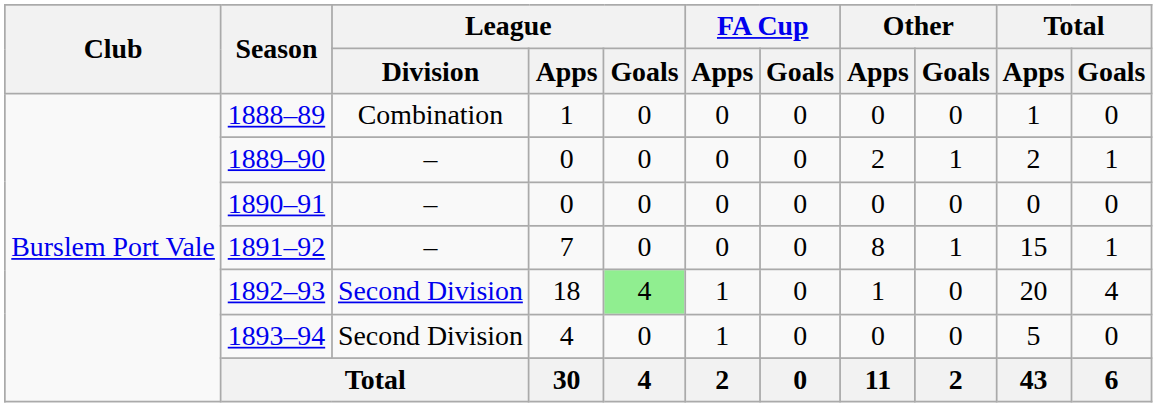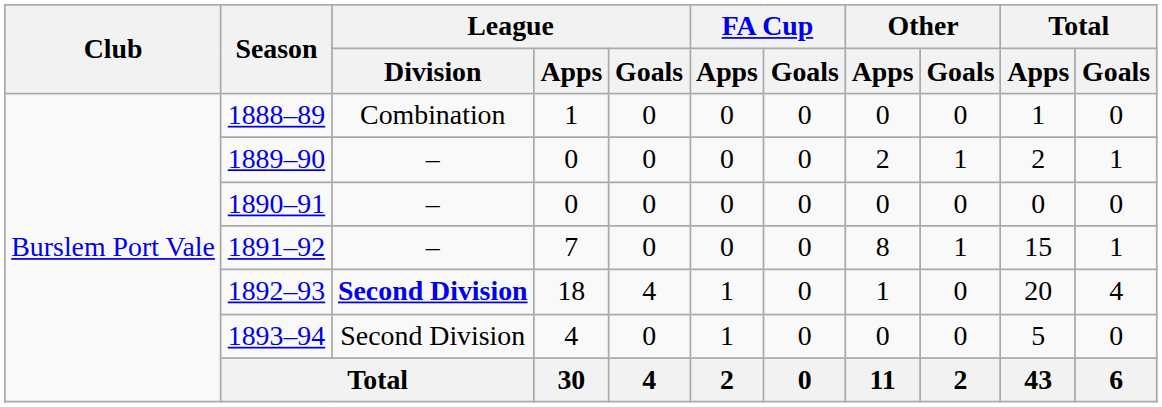 <table class="wikitable" style="text-align:center">
 <tr>
 <th rowspan="2">Club</th>
 <th rowspan="2">Season</th>
 <th colspan="3">League</th>
 <th colspan="2"><a href='#'>FA Cup</a></th>
 <th colspan="2">Other</th>
 <th colspan="2">Total</th>
 </tr>
 <tr>
 <th>Division</th>
 <th>Apps</th>
 <th>Goals</th>
 <th>Apps</th>
 <th>Goals</th>
 <th>Apps</th>
 <th>Goals</th>
 <th>Apps</th>
 <th>Goals</th>
 </tr>
 <tr>
 <td rowspan="7"><a href='#'>Burslem Port Vale</a></td>
 <td><a href='#'>1888–89</a></td>
 <td>Combination</td>
 <td>1</td>
 <td>0</td>
 <td>0</td>
 <td>0</td>
 <td>0</td>
 <td>0</td>
 <td>1</td>
 <td>0</td>
 </tr>
 <tr>
 <td><a href='#'>1889–90</a></td>
 <td>–</td>
 <td>0</td>
 <td>0</td>
 <td>0</td>
 <td>0</td>
 <td>2</td>
 <td>1</td>
 <td>2</td>
 <td>1</td>
 </tr>
 <tr>
 <td><a href='#'>1890–91</a></td>
 <td>–</td>
 <td>0</td>
 <td>0</td>
 <td>0</td>
 <td>0</td>
 <td>0</td>
 <td>0</td>
 <td>0</td>
 <td>0</td>
 </tr>
 <tr>
 <td><a href='#'>1891–92</a></td>
 <td>–</td>
 <td>7</td>
 <td>0</td>
 <td>0</td>
 <td>0</td>
 <td>8</td>
 <td>1</td>
 <td>15</td>
 <td>1</td>
 </tr>
 <tr>
 <td><a href='#'>1892–93</a></td>
-<td><a href='#'>Second Division</a></td>
+<td><strong><a href='#'>Second Division</a></strong></td>
 <td>18</td>
-<td style="background: lightgreen;">4</td>
+<td>4</td>
 <td>1</td>
 <td>0</td>
 <td>1</td>
 <td>0</td>
 <td>20</td>
 <td>4</td>
 </tr>
 <tr>
 <td><a href='#'>1893–94</a></td>
 <td>Second Division</td>
 <td>4</td>
 <td>0</td>
 <td>1</td>
 <td>0</td>
 <td>0</td>
 <td>0</td>
 <td>5</td>
 <td>0</td>
 </tr>
 <tr>
 <th colspan="2">Total</th>
 <th>30</th>
 <th>4</th>
 <th>2</th>
 <th>0</th>
 <th>11</th>
 <th>2</th>
 <th>43</th>
 <th>6</th>
 </tr>
 </table>
